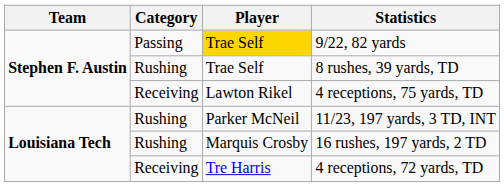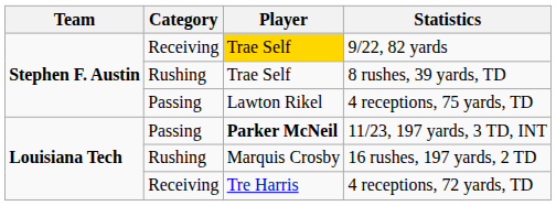 <table class="wikitable" style="float: left;">
 <tr>
 <th>Team</th>
 <th>Category</th>
 <th>Player</th>
 <th>Statistics</th>
 </tr>
 <tr>
 <td rowspan=3><strong>Stephen F. Austin</strong></td>
-<td>Passing</td>
+<td>Receiving</td>
 <td style="background: gold;">Trae Self</td>
 <td>9/22, 82 yards</td>
 </tr>
 <tr>
 <td>Rushing</td>
 <td>Trae Self</td>
 <td>8 rushes, 39 yards, TD</td>
 </tr>
 <tr>
-<td>Receiving</td>
+<td>Passing</td>
 <td>Lawton Rikel</td>
 <td>4 receptions, 75 yards, TD</td>
 </tr>
 <tr>
 <td rowspan=3><strong>Louisiana Tech</strong></td>
-<td>Rushing</td>
-<td>Parker McNeil</td>
+<td>Passing</td>
+<td><strong>Parker McNeil</strong></td>
 <td>11/23, 197 yards, 3 TD, INT</td>
 </tr>
 <tr>
 <td>Rushing</td>
 <td>Marquis Crosby</td>
 <td>16 rushes, 197 yards, 2 TD</td>
 </tr>
 <tr>
 <td>Receiving</td>
 <td><a href='#'>Tre Harris</a></td>
 <td>4 receptions, 72 yards, TD</td>
 </tr>
 </table>
